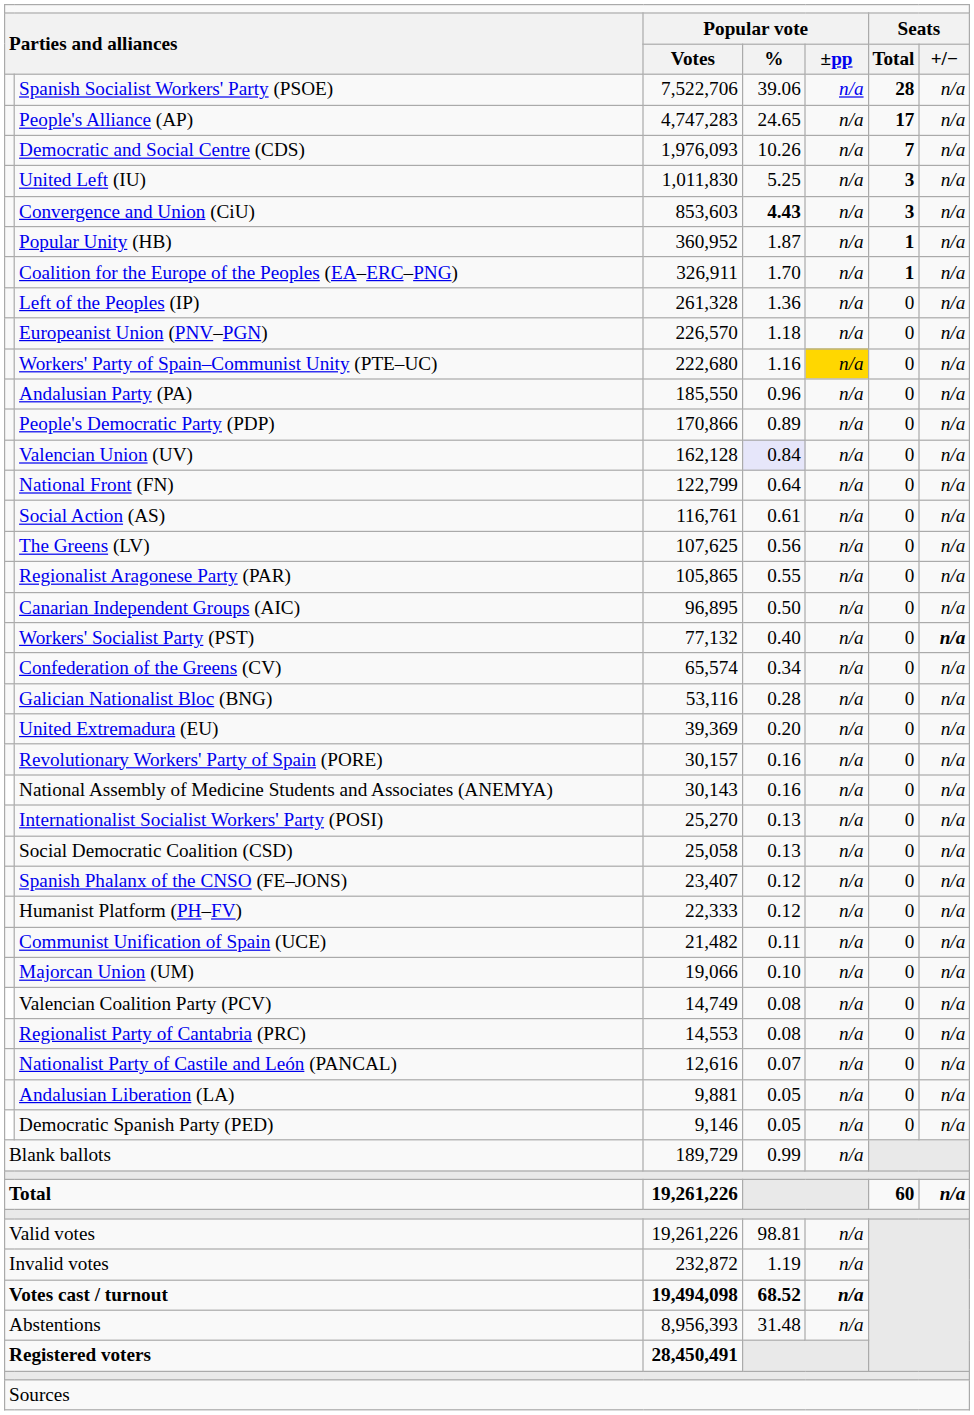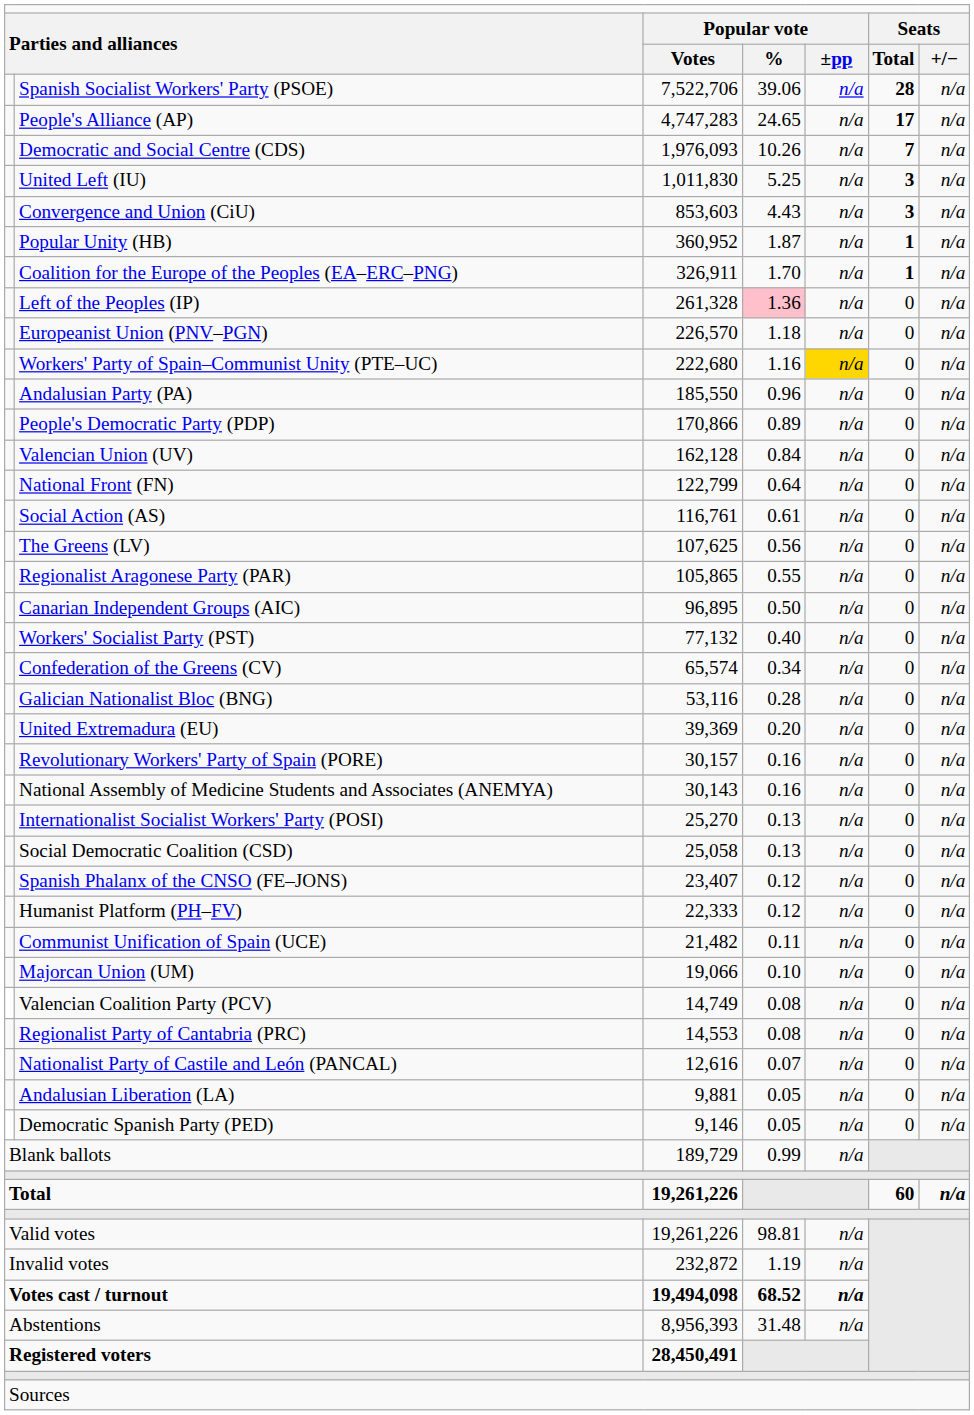 <table class="wikitable" style="text-align:right;">
 <tr>
 <td colspan="7"></td>
 </tr>
 <tr>
 <th style="text-align:left;" rowspan="2" colspan="2" width="525">Parties and alliances</th>
 <th colspan="3">Popular vote</th>
 <th colspan="2">Seats</th>
 </tr>
 <tr>
 <th width="75">Votes</th>
 <th width="45">%</th>
 <th width="45">±<a href='#'>pp</a></th>
 <th width="35">Total</th>
 <th width="35">+/−</th>
 </tr>
 <tr>
 <td width="1" style="color:inherit;background:"></td>
 <td align="left"><a href='#'>Spanish Socialist Workers' Party</a> (PSOE)</td>
 <td>7,522,706</td>
 <td>39.06</td>
 <td><em><a href='#'>n/a</a></em></td>
 <td><strong>28</strong></td>
 <td><em>n/a</em></td>
 </tr>
 <tr>
 <td style="color:inherit;background:"></td>
 <td align="left"><a href='#'>People's Alliance</a> (AP)</td>
 <td>4,747,283</td>
 <td>24.65</td>
 <td><em>n/a</em></td>
 <td><strong>17</strong></td>
 <td><em>n/a</em></td>
 </tr>
 <tr>
 <td style="color:inherit;background:"></td>
 <td align="left"><a href='#'>Democratic and Social Centre</a> (CDS)</td>
 <td>1,976,093</td>
 <td>10.26</td>
 <td><em>n/a</em></td>
 <td><strong>7</strong></td>
 <td><em>n/a</em></td>
 </tr>
 <tr>
 <td style="color:inherit;background:"></td>
 <td align="left"><a href='#'>United Left</a> (IU)</td>
 <td>1,011,830</td>
 <td>5.25</td>
 <td><em>n/a</em></td>
 <td><strong>3</strong></td>
 <td><em>n/a</em></td>
 </tr>
 <tr>
 <td style="color:inherit;background:"></td>
 <td align="left"><a href='#'>Convergence and Union</a> (CiU)</td>
 <td>853,603</td>
-<td><strong>4.43</strong></td>
+<td>4.43</td>
 <td><em>n/a</em></td>
 <td><strong>3</strong></td>
 <td><em>n/a</em></td>
 </tr>
 <tr>
 <td style="color:inherit;background:"></td>
 <td align="left"><a href='#'>Popular Unity</a> (HB)</td>
 <td>360,952</td>
 <td>1.87</td>
 <td><em>n/a</em></td>
 <td><strong>1</strong></td>
 <td><em>n/a</em></td>
 </tr>
 <tr>
 <td style="color:inherit;background:"></td>
 <td align="left"><a href='#'>Coalition for the Europe of the Peoples</a> (<a href='#'>EA</a>–<a href='#'>ERC</a>–<a href='#'>PNG</a>)</td>
 <td>326,911</td>
 <td>1.70</td>
 <td><em>n/a</em></td>
 <td><strong>1</strong></td>
 <td><em>n/a</em></td>
 </tr>
 <tr>
 <td style="color:inherit;background:"></td>
 <td align="left"><a href='#'>Left of the Peoples</a> (IP)</td>
 <td>261,328</td>
-<td>1.36</td>
+<td style="background: pink;">1.36</td>
 <td><em>n/a</em></td>
 <td>0</td>
 <td><em>n/a</em></td>
 </tr>
 <tr>
 <td style="color:inherit;background:"></td>
 <td align="left"><a href='#'>Europeanist Union</a> (<a href='#'>PNV</a>–<a href='#'>PGN</a>)</td>
 <td>226,570</td>
 <td>1.18</td>
 <td><em>n/a</em></td>
 <td>0</td>
 <td><em>n/a</em></td>
 </tr>
 <tr>
 <td style="color:inherit;background:"></td>
 <td align="left"><a href='#'>Workers' Party of Spain–Communist Unity</a> (PTE–UC)</td>
 <td>222,680</td>
 <td>1.16</td>
 <td style="background: gold;"><em>n/a</em></td>
 <td>0</td>
 <td><em>n/a</em></td>
 </tr>
 <tr>
 <td style="color:inherit;background:"></td>
 <td align="left"><a href='#'>Andalusian Party</a> (PA)</td>
 <td>185,550</td>
 <td>0.96</td>
 <td><em>n/a</em></td>
 <td>0</td>
 <td><em>n/a</em></td>
 </tr>
 <tr>
 <td style="color:inherit;background:"></td>
 <td align="left"><a href='#'>People's Democratic Party</a> (PDP)</td>
 <td>170,866</td>
 <td>0.89</td>
 <td><em>n/a</em></td>
 <td>0</td>
 <td><em>n/a</em></td>
 </tr>
 <tr>
 <td style="color:inherit;background:"></td>
 <td align="left"><a href='#'>Valencian Union</a> (UV)</td>
 <td>162,128</td>
-<td style="background: lavender;">0.84</td>
+<td>0.84</td>
 <td><em>n/a</em></td>
 <td>0</td>
 <td><em>n/a</em></td>
 </tr>
 <tr>
 <td style="color:inherit;background:"></td>
 <td align="left"><a href='#'>National Front</a> (FN)</td>
 <td>122,799</td>
 <td>0.64</td>
 <td><em>n/a</em></td>
 <td>0</td>
 <td><em>n/a</em></td>
 </tr>
 <tr>
 <td style="color:inherit;background:"></td>
 <td align="left"><a href='#'>Social Action</a> (AS)</td>
 <td>116,761</td>
 <td>0.61</td>
 <td><em>n/a</em></td>
 <td>0</td>
 <td><em>n/a</em></td>
 </tr>
 <tr>
 <td style="color:inherit;background:"></td>
 <td align="left"><a href='#'>The Greens</a> (LV)</td>
 <td>107,625</td>
 <td>0.56</td>
 <td><em>n/a</em></td>
 <td>0</td>
 <td><em>n/a</em></td>
 </tr>
 <tr>
 <td style="color:inherit;background:"></td>
 <td align="left"><a href='#'>Regionalist Aragonese Party</a> (PAR)</td>
 <td>105,865</td>
 <td>0.55</td>
 <td><em>n/a</em></td>
 <td>0</td>
 <td><em>n/a</em></td>
 </tr>
 <tr>
 <td style="color:inherit;background:"></td>
 <td align="left"><a href='#'>Canarian Independent Groups</a> (AIC)</td>
 <td>96,895</td>
 <td>0.50</td>
 <td><em>n/a</em></td>
 <td>0</td>
 <td><em>n/a</em></td>
 </tr>
 <tr>
 <td style="color:inherit;background:"></td>
 <td align="left"><a href='#'>Workers' Socialist Party</a> (PST)</td>
 <td>77,132</td>
 <td>0.40</td>
 <td><em>n/a</em></td>
 <td>0</td>
-<td><strong><em>n/a</em></strong></td>
+<td><em>n/a</em></td>
 </tr>
 <tr>
 <td style="color:inherit;background:"></td>
 <td align="left"><a href='#'>Confederation of the Greens</a> (CV)</td>
 <td>65,574</td>
 <td>0.34</td>
 <td><em>n/a</em></td>
 <td>0</td>
 <td><em>n/a</em></td>
 </tr>
 <tr>
 <td style="color:inherit;background:"></td>
 <td align="left"><a href='#'>Galician Nationalist Bloc</a> (BNG)</td>
 <td>53,116</td>
 <td>0.28</td>
 <td><em>n/a</em></td>
 <td>0</td>
 <td><em>n/a</em></td>
 </tr>
 <tr>
 <td style="color:inherit;background:"></td>
 <td align="left"><a href='#'>United Extremadura</a> (EU)</td>
 <td>39,369</td>
 <td>0.20</td>
 <td><em>n/a</em></td>
 <td>0</td>
 <td><em>n/a</em></td>
 </tr>
 <tr>
 <td style="color:inherit;background:"></td>
 <td align="left"><a href='#'>Revolutionary Workers' Party of Spain</a> (PORE)</td>
 <td>30,157</td>
 <td>0.16</td>
 <td><em>n/a</em></td>
 <td>0</td>
 <td><em>n/a</em></td>
 </tr>
 <tr>
 <td bgcolor="white"></td>
 <td align="left">National Assembly of Medicine Students and Associates (ANEMYA)</td>
 <td>30,143</td>
 <td>0.16</td>
 <td><em>n/a</em></td>
 <td>0</td>
 <td><em>n/a</em></td>
 </tr>
 <tr>
 <td style="color:inherit;background:"></td>
 <td align="left"><a href='#'>Internationalist Socialist Workers' Party</a> (POSI)</td>
 <td>25,270</td>
 <td>0.13</td>
 <td><em>n/a</em></td>
 <td>0</td>
 <td><em>n/a</em></td>
 </tr>
 <tr>
 <td style="color:inherit;background:"></td>
 <td align="left">Social Democratic Coalition (CSD)</td>
 <td>25,058</td>
 <td>0.13</td>
 <td><em>n/a</em></td>
 <td>0</td>
 <td><em>n/a</em></td>
 </tr>
 <tr>
 <td style="color:inherit;background:"></td>
 <td align="left"><a href='#'>Spanish Phalanx of the CNSO</a> (FE–JONS)</td>
 <td>23,407</td>
 <td>0.12</td>
 <td><em>n/a</em></td>
 <td>0</td>
 <td><em>n/a</em></td>
 </tr>
 <tr>
 <td style="color:inherit;background:"></td>
 <td align="left">Humanist Platform (<a href='#'>PH</a>–<a href='#'>FV</a>)</td>
 <td>22,333</td>
 <td>0.12</td>
 <td><em>n/a</em></td>
 <td>0</td>
 <td><em>n/a</em></td>
 </tr>
 <tr>
 <td style="color:inherit;background:"></td>
 <td align="left"><a href='#'>Communist Unification of Spain</a> (UCE)</td>
 <td>21,482</td>
 <td>0.11</td>
 <td><em>n/a</em></td>
 <td>0</td>
 <td><em>n/a</em></td>
 </tr>
 <tr>
 <td style="color:inherit;background:"></td>
 <td align="left"><a href='#'>Majorcan Union</a> (UM)</td>
 <td>19,066</td>
 <td>0.10</td>
 <td><em>n/a</em></td>
 <td>0</td>
 <td><em>n/a</em></td>
 </tr>
 <tr>
 <td bgcolor="white"></td>
 <td align="left">Valencian Coalition Party (PCV)</td>
 <td>14,749</td>
 <td>0.08</td>
 <td><em>n/a</em></td>
 <td>0</td>
 <td><em>n/a</em></td>
 </tr>
 <tr>
 <td style="color:inherit;background:"></td>
 <td align="left"><a href='#'>Regionalist Party of Cantabria</a> (PRC)</td>
 <td>14,553</td>
 <td>0.08</td>
 <td><em>n/a</em></td>
 <td>0</td>
 <td><em>n/a</em></td>
 </tr>
 <tr>
 <td style="color:inherit;background:"></td>
 <td align="left"><a href='#'>Nationalist Party of Castile and León</a> (PANCAL)</td>
 <td>12,616</td>
 <td>0.07</td>
 <td><em>n/a</em></td>
 <td>0</td>
 <td><em>n/a</em></td>
 </tr>
 <tr>
 <td style="color:inherit;background:"></td>
 <td align="left"><a href='#'>Andalusian Liberation</a> (LA)</td>
 <td>9,881</td>
 <td>0.05</td>
 <td><em>n/a</em></td>
 <td>0</td>
 <td><em>n/a</em></td>
 </tr>
 <tr>
 <td bgcolor="white"></td>
 <td align="left">Democratic Spanish Party (PED)</td>
 <td>9,146</td>
 <td>0.05</td>
 <td><em>n/a</em></td>
 <td>0</td>
 <td><em>n/a</em></td>
 </tr>
 <tr>
 <td align="left" colspan="2">Blank ballots</td>
 <td>189,729</td>
 <td>0.99</td>
 <td><em>n/a</em></td>
 <td bgcolor="#E9E9E9" colspan="2"></td>
 </tr>
 <tr>
 <td colspan="7" bgcolor="#E9E9E9"></td>
 </tr>
 <tr style="font-weight:bold;">
 <td align="left" colspan="2">Total</td>
 <td>19,261,226</td>
 <td bgcolor="#E9E9E9" colspan="2"></td>
 <td>60</td>
 <td><em>n/a</em></td>
 </tr>
 <tr>
 <td colspan="7" bgcolor="#E9E9E9"></td>
 </tr>
 <tr>
 <td align="left" colspan="2">Valid votes</td>
 <td>19,261,226</td>
 <td>98.81</td>
 <td><em>n/a</em></td>
 <td bgcolor="#E9E9E9" colspan="2" rowspan="5"></td>
 </tr>
 <tr>
 <td align="left" colspan="2">Invalid votes</td>
 <td>232,872</td>
 <td>1.19</td>
 <td><em>n/a</em></td>
 </tr>
 <tr style="font-weight:bold;">
 <td align="left" colspan="2">Votes cast / turnout</td>
 <td>19,494,098</td>
 <td>68.52</td>
 <td><em>n/a</em></td>
 </tr>
 <tr>
 <td align="left" colspan="2">Abstentions</td>
 <td>8,956,393</td>
 <td>31.48</td>
 <td><em>n/a</em></td>
 </tr>
 <tr style="font-weight:bold;">
 <td align="left" colspan="2">Registered voters</td>
 <td>28,450,491</td>
 <td bgcolor="#E9E9E9" colspan="2"></td>
 </tr>
 <tr>
 <td colspan="7" bgcolor="#E9E9E9"></td>
 </tr>
 <tr>
 <td align="left" colspan="7">Sources</td>
 </tr>
 </table>
